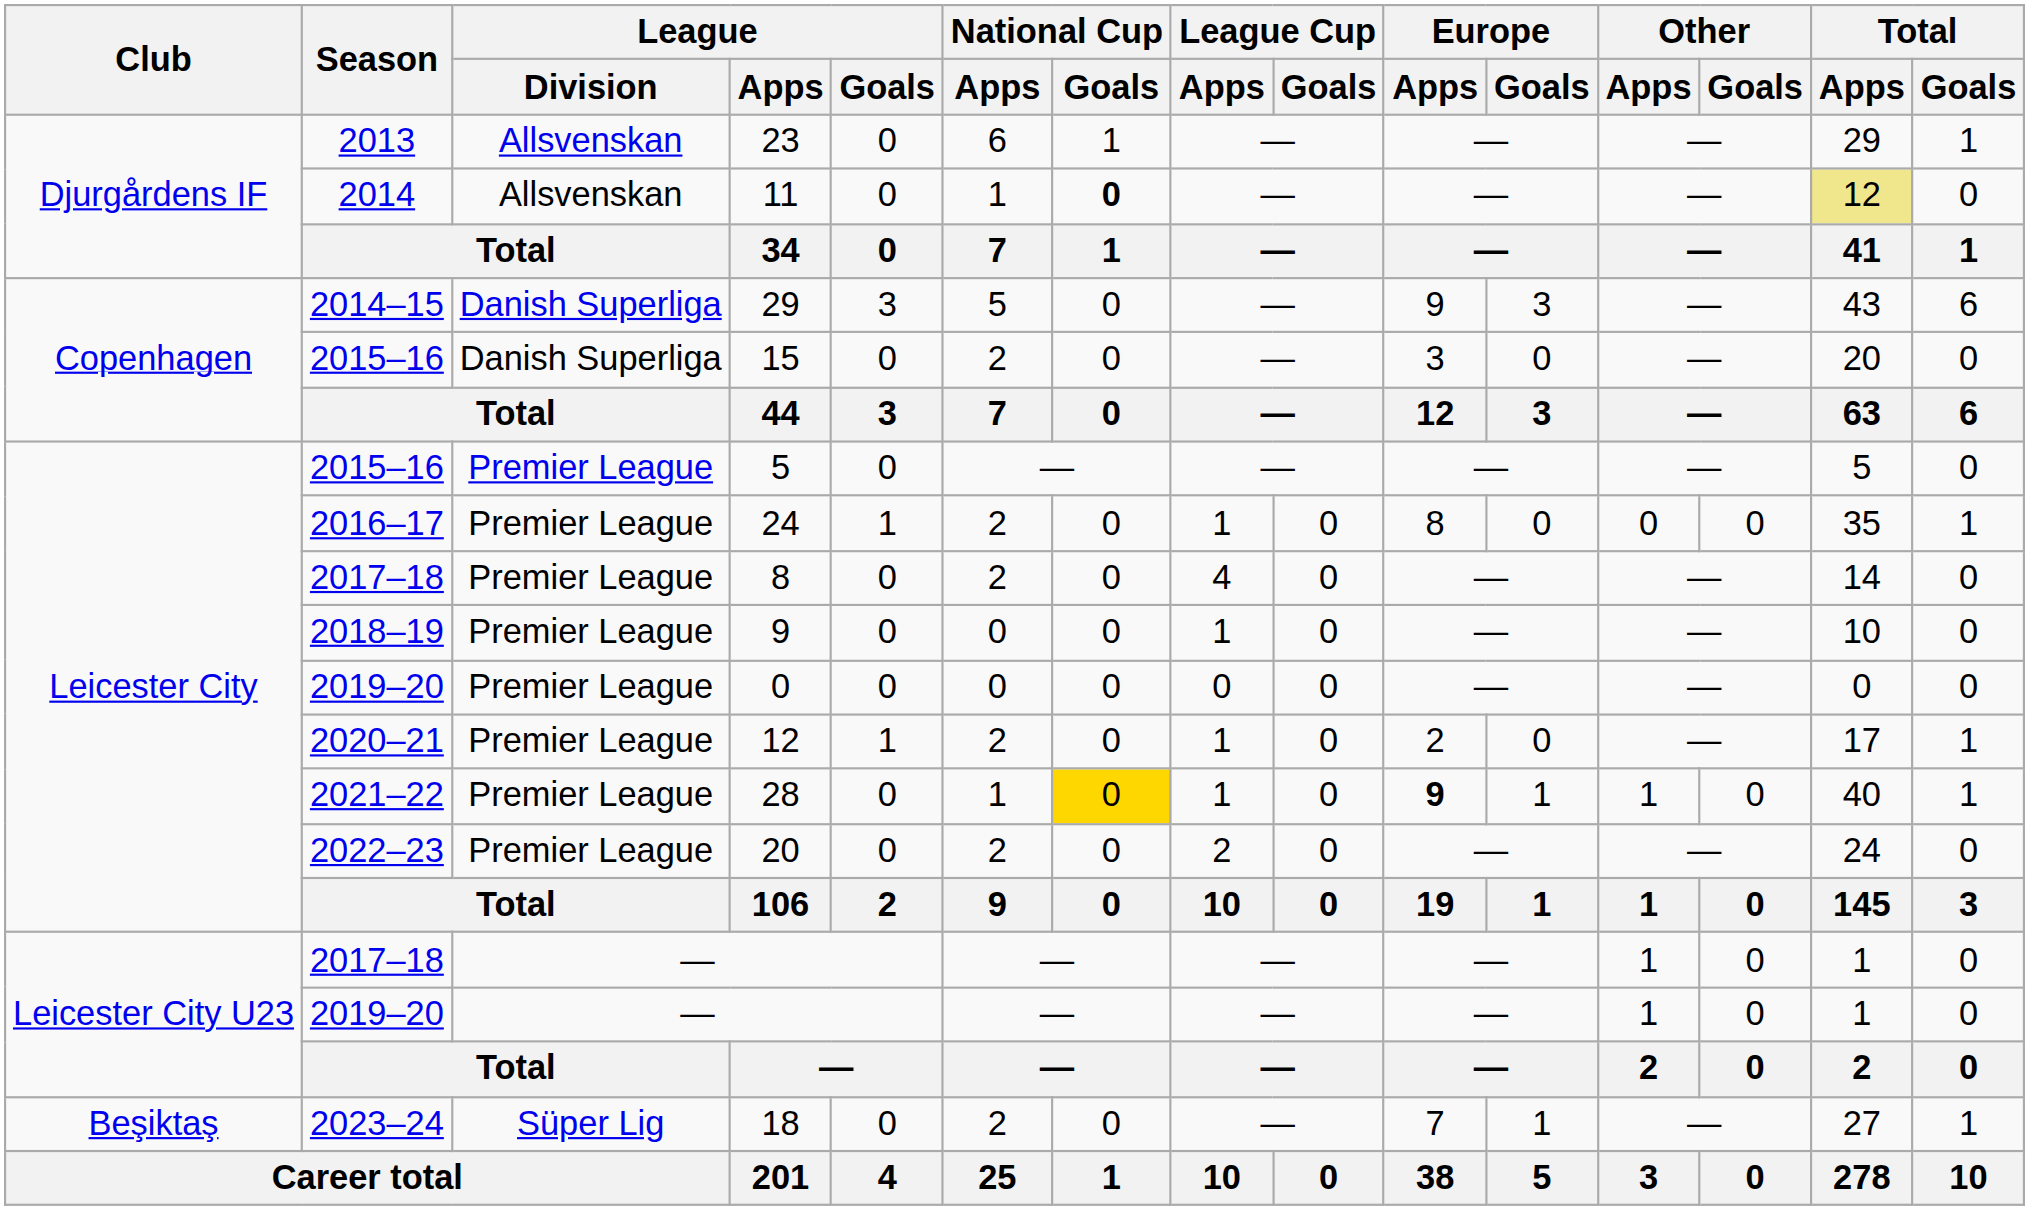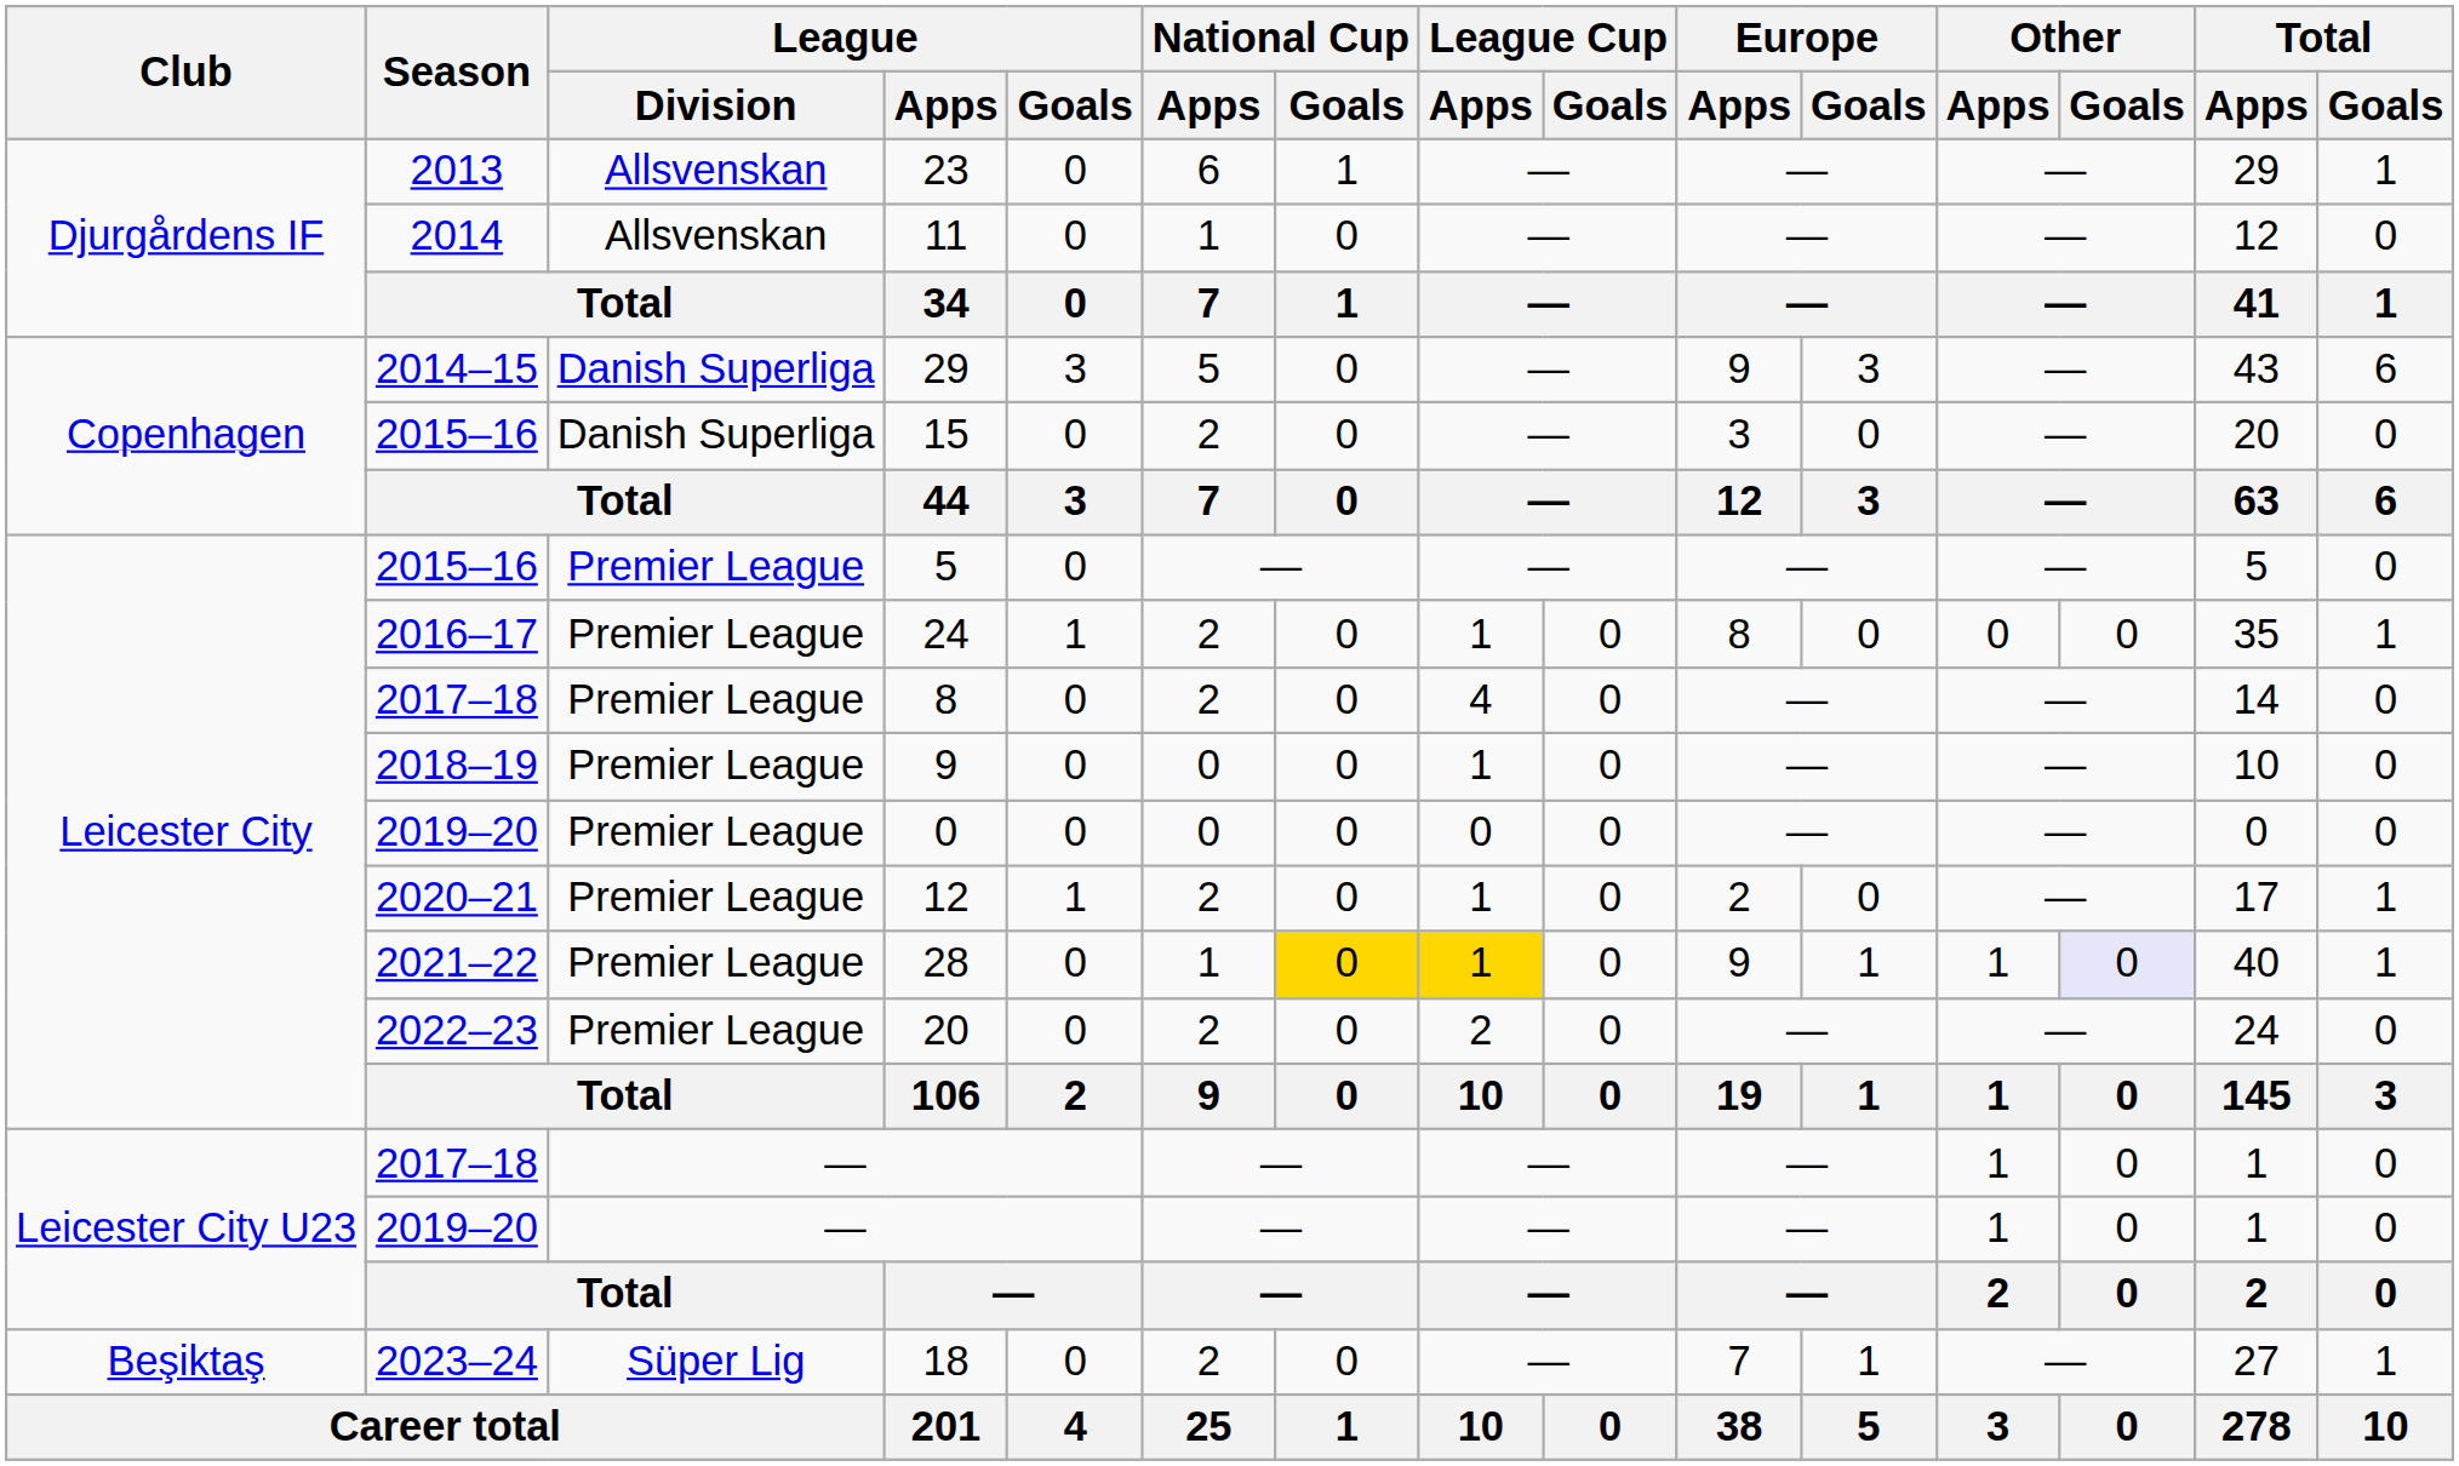 <table class="wikitable" style="text-align:center">
 <tr>
 <th rowspan="2">Club</th>
 <th rowspan="2">Season</th>
 <th colspan="3">League</th>
 <th colspan="2">National Cup</th>
 <th colspan="2">League Cup</th>
 <th colspan="2">Europe</th>
 <th colspan="2">Other</th>
 <th colspan="2">Total</th>
 </tr>
 <tr>
 <th>Division</th>
 <th>Apps</th>
 <th>Goals</th>
 <th>Apps</th>
 <th>Goals</th>
 <th>Apps</th>
 <th>Goals</th>
 <th>Apps</th>
 <th>Goals</th>
 <th>Apps</th>
 <th>Goals</th>
 <th>Apps</th>
 <th>Goals</th>
 </tr>
 <tr>
 <td rowspan="3"><a href='#'>Djurgårdens IF</a></td>
 <td><a href='#'>2013</a></td>
 <td><a href='#'>Allsvenskan</a></td>
 <td>23</td>
 <td>0</td>
 <td>6</td>
 <td>1</td>
 <td colspan="2">—</td>
 <td colspan="2">—</td>
 <td colspan="2">—</td>
 <td>29</td>
 <td>1</td>
 </tr>
 <tr>
 <td><a href='#'>2014</a></td>
 <td>Allsvenskan</td>
 <td>11</td>
 <td>0</td>
 <td>1</td>
-<td><strong>0</strong></td>
+<td>0</td>
 <td colspan="2">—</td>
 <td colspan="2">—</td>
 <td colspan="2">—</td>
-<td style="background: khaki;">12</td>
+<td>12</td>
 <td>0</td>
 </tr>
 <tr>
 <th colspan="2">Total</th>
 <th>34</th>
 <th>0</th>
 <th>7</th>
 <th>1</th>
 <th colspan="2">—</th>
 <th colspan="2">—</th>
 <th colspan="2">—</th>
 <th>41</th>
 <th>1</th>
 </tr>
 <tr>
 <td rowspan="3"><a href='#'>Copenhagen</a></td>
 <td><a href='#'>2014–15</a></td>
 <td><a href='#'>Danish Superliga</a></td>
 <td>29</td>
 <td>3</td>
 <td>5</td>
 <td>0</td>
 <td colspan=2>—</td>
 <td>9</td>
 <td>3</td>
 <td colspan="2">—</td>
 <td>43</td>
 <td>6</td>
 </tr>
 <tr>
 <td><a href='#'>2015–16</a></td>
 <td>Danish Superliga</td>
 <td>15</td>
 <td>0</td>
 <td>2</td>
 <td>0</td>
 <td colspan="2">—</td>
 <td>3</td>
 <td>0</td>
 <td colspan="2">—</td>
 <td>20</td>
 <td>0</td>
 </tr>
 <tr>
 <th colspan="2">Total</th>
 <th>44</th>
 <th>3</th>
 <th>7</th>
 <th>0</th>
 <th colspan="2">—</th>
 <th>12</th>
 <th>3</th>
 <th colspan="2">—</th>
 <th>63</th>
 <th>6</th>
 </tr>
 <tr>
 <td rowspan="9"><a href='#'>Leicester City</a></td>
 <td><a href='#'>2015–16</a></td>
 <td><a href='#'>Premier League</a></td>
 <td>5</td>
 <td>0</td>
 <td colspan="2">—</td>
 <td colspan="2">—</td>
 <td colspan="2">—</td>
 <td colspan="2">—</td>
 <td>5</td>
 <td>0</td>
 </tr>
 <tr>
 <td><a href='#'>2016–17</a></td>
 <td>Premier League</td>
 <td>24</td>
 <td>1</td>
 <td>2</td>
 <td>0</td>
 <td>1</td>
 <td>0</td>
 <td>8</td>
 <td>0</td>
 <td>0</td>
 <td>0</td>
 <td>35</td>
 <td>1</td>
 </tr>
 <tr>
 <td><a href='#'>2017–18</a></td>
 <td>Premier League</td>
 <td>8</td>
 <td>0</td>
 <td>2</td>
 <td>0</td>
 <td>4</td>
 <td>0</td>
 <td colspan="2">—</td>
 <td colspan="2">—</td>
 <td>14</td>
 <td>0</td>
 </tr>
 <tr>
 <td><a href='#'>2018–19</a></td>
 <td>Premier League</td>
 <td>9</td>
 <td>0</td>
 <td>0</td>
 <td>0</td>
 <td>1</td>
 <td>0</td>
 <td colspan="2">—</td>
 <td colspan="2">—</td>
 <td>10</td>
 <td>0</td>
 </tr>
 <tr>
 <td><a href='#'>2019–20</a></td>
 <td>Premier League</td>
 <td>0</td>
 <td>0</td>
 <td>0</td>
 <td>0</td>
 <td>0</td>
 <td>0</td>
 <td colspan="2">—</td>
 <td colspan="2">—</td>
 <td>0</td>
 <td>0</td>
 </tr>
 <tr>
 <td><a href='#'>2020–21</a></td>
 <td>Premier League</td>
 <td>12</td>
 <td>1</td>
 <td>2</td>
 <td>0</td>
 <td>1</td>
 <td>0</td>
 <td>2</td>
 <td>0</td>
 <td colspan="2">—</td>
 <td>17</td>
 <td>1</td>
 </tr>
 <tr>
 <td><a href='#'>2021–22</a></td>
 <td>Premier League</td>
 <td>28</td>
 <td>0</td>
 <td>1</td>
 <td style="background: gold;">0</td>
-<td>1</td>
+<td style="background: gold;">1</td>
 <td>0</td>
-<td><strong>9</strong></td>
+<td>9</td>
 <td>1</td>
 <td>1</td>
-<td>0</td>
+<td style="background: lavender;">0</td>
 <td>40</td>
 <td>1</td>
 </tr>
 <tr>
 <td><a href='#'>2022–23</a></td>
 <td>Premier League</td>
 <td>20</td>
 <td>0</td>
 <td>2</td>
 <td>0</td>
 <td>2</td>
 <td>0</td>
 <td colspan="2">—</td>
 <td colspan="2">—</td>
 <td>24</td>
 <td>0</td>
 </tr>
 <tr>
 <th colspan="2">Total</th>
 <th>106</th>
 <th>2</th>
 <th>9</th>
 <th>0</th>
 <th>10</th>
 <th>0</th>
 <th>19</th>
 <th>1</th>
 <th>1</th>
 <th>0</th>
 <th>145</th>
 <th>3</th>
 </tr>
 <tr>
 <td rowspan="3"><a href='#'>Leicester City U23</a></td>
 <td><a href='#'>2017–18</a></td>
 <td colspan="3">—</td>
 <td colspan="2">—</td>
 <td colspan="2">—</td>
 <td colspan="2">—</td>
 <td>1</td>
 <td>0</td>
 <td>1</td>
 <td>0</td>
 </tr>
 <tr>
 <td><a href='#'>2019–20</a></td>
 <td colspan="3">—</td>
 <td colspan="2">—</td>
 <td colspan="2">—</td>
 <td colspan="2">—</td>
 <td>1</td>
 <td>0</td>
 <td>1</td>
 <td>0</td>
 </tr>
 <tr>
 <th colspan="2">Total</th>
 <th colspan="2">—</th>
 <th colspan="2">—</th>
 <th colspan="2">—</th>
 <th colspan="2">—</th>
 <th>2</th>
 <th>0</th>
 <th>2</th>
 <th>0</th>
 </tr>
 <tr>
 <td><a href='#'>Beşiktaş</a></td>
 <td><a href='#'>2023–24</a></td>
 <td><a href='#'>Süper Lig</a></td>
 <td>18</td>
 <td>0</td>
 <td>2</td>
 <td>0</td>
 <td colspan="2">—</td>
 <td>7</td>
 <td>1</td>
 <td colspan="2">—</td>
 <td>27</td>
 <td>1</td>
 </tr>
 <tr>
 <th colspan="3">Career total</th>
 <th>201</th>
 <th>4</th>
 <th>25</th>
 <th>1</th>
 <th>10</th>
 <th>0</th>
 <th>38</th>
 <th>5</th>
 <th>3</th>
 <th>0</th>
 <th>278</th>
 <th>10</th>
 </tr>
 </table>
